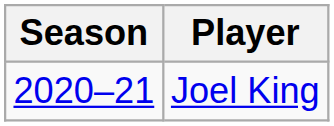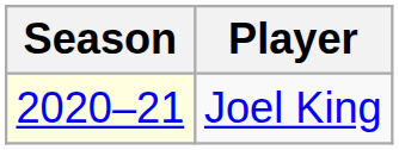 <table class="wikitable">
 <tr>
 <th>Season</th>
 <th>Player</th>
 </tr>
 <tr>
-<td><a href='#'>2020–21</a></td>
+<td style="background: lightyellow;"><a href='#'>2020–21</a></td>
 <td><a href='#'>Joel King</a></td>
 </tr>
 </table>
